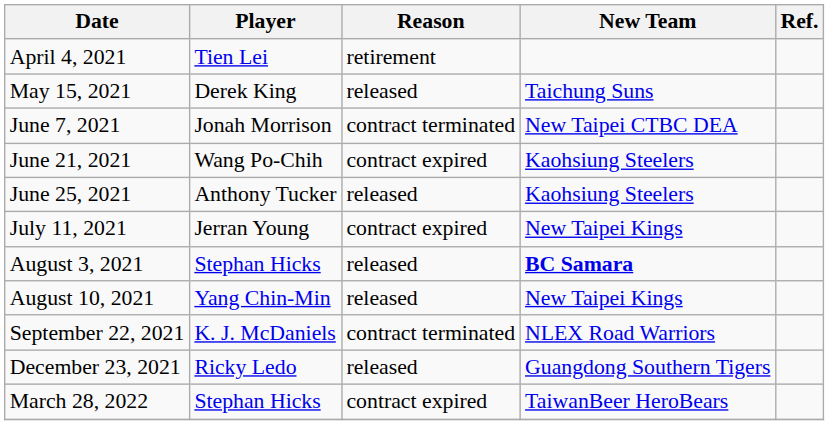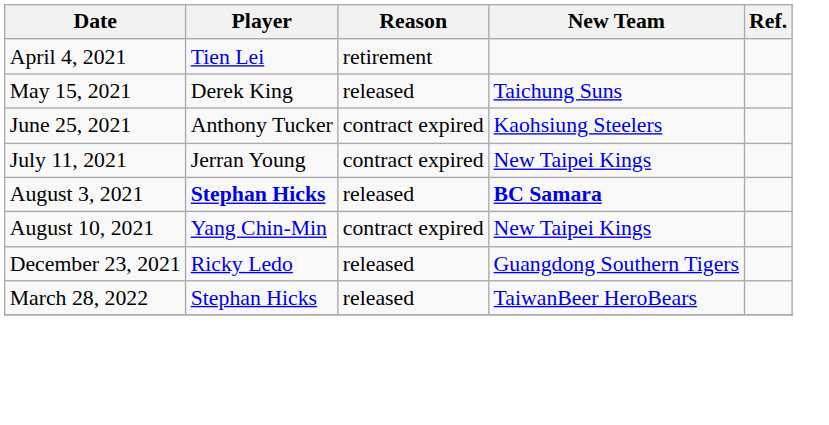 <table class="wikitable">
 <tr>
 <th>Date</th>
 <th>Player</th>
 <th>Reason</th>
 <th>New Team</th>
 <th>Ref.</th>
 </tr>
 <tr>
 <td>April 4, 2021</td>
 <td><a href='#'>Tien Lei</a></td>
 <td>retirement</td>
 <td></td>
 <td></td>
 </tr>
 <tr>
 <td>May 15, 2021</td>
 <td>Derek King</td>
 <td>released</td>
 <td><a href='#'>Taichung Suns</a></td>
 <td></td>
 </tr>
 <tr>
-<td>June 7, 2021</td>
-<td>Jonah Morrison</td>
-<td>contract terminated</td>
-<td><a href='#'>New Taipei CTBC DEA</a></td>
-<td></td>
-</tr>
-<tr>
-<td>June 21, 2021</td>
-<td>Wang Po-Chih</td>
-<td>contract expired</td>
-<td><a href='#'>Kaohsiung Steelers</a></td>
-<td></td>
-</tr>
-<tr>
 <td>June 25, 2021</td>
 <td>Anthony Tucker</td>
-<td>released</td>
+<td>contract expired</td>
 <td><a href='#'>Kaohsiung Steelers</a></td>
 <td></td>
 </tr>
 <tr>
 <td>July 11, 2021</td>
 <td>Jerran Young</td>
 <td>contract expired</td>
 <td><a href='#'>New Taipei Kings</a></td>
 <td></td>
 </tr>
 <tr>
 <td>August 3, 2021</td>
-<td><a href='#'>Stephan Hicks</a></td>
+<td><strong><a href='#'>Stephan Hicks</a></strong></td>
 <td>released</td>
 <td><strong><a href='#'>BC Samara</a></strong></td>
 <td></td>
 </tr>
 <tr>
 <td>August 10, 2021</td>
 <td><a href='#'>Yang Chin-Min</a></td>
-<td>released</td>
+<td>contract expired</td>
 <td><a href='#'>New Taipei Kings</a></td>
-<td></td>
-</tr>
-<tr>
-<td>September 22, 2021</td>
-<td><a href='#'>K. J. McDaniels</a></td>
-<td>contract terminated </td>
-<td><a href='#'>NLEX Road Warriors</a></td>
 <td></td>
 </tr>
 <tr>
 <td>December 23, 2021</td>
 <td><a href='#'>Ricky Ledo</a></td>
 <td>released</td>
 <td><a href='#'>Guangdong Southern Tigers</a></td>
 <td></td>
 </tr>
 <tr>
 <td>March 28, 2022</td>
 <td><a href='#'>Stephan Hicks</a></td>
-<td>contract expired</td>
+<td>released</td>
 <td><a href='#'>TaiwanBeer HeroBears</a></td>
 <td></td>
 </tr>
 <tr>
 </tr>
 </table>
